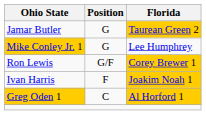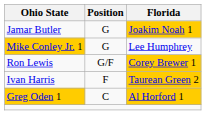 <table class="wikitable">
 <tr>
 <th>Ohio State</th>
 <th colspan="2">Position</th>
 <th>Florida</th>
 </tr>
 <tr>
 <td><a href='#'>Jamar Butler</a></td>
 <td colspan=2 style="text-align:center">G</td>
-<td style="background:#ffcc00"><a href='#'>Taurean Green</a> 2</td>
+<td style="background:#ffcc00"><a href='#'>Joakim Noah</a> 1</td>
 </tr>
 <tr>
 <td style="background:#ffcc00"><a href='#'>Mike Conley Jr.</a> 1</td>
 <td colspan=2 style="text-align:center">G</td>
 <td><a href='#'>Lee Humphrey</a></td>
 </tr>
 <tr>
 <td><a href='#'>Ron Lewis</a></td>
 <td colspan=2 style="text-align:center">G/F</td>
 <td style="background:#ffcc00"><a href='#'>Corey Brewer</a> 1</td>
 </tr>
 <tr>
 <td><a href='#'>Ivan Harris</a></td>
 <td colspan=2 style="text-align:center">F</td>
-<td style="background:#ffcc00"><a href='#'>Joakim Noah</a> 1</td>
+<td style="background:#ffcc00"><a href='#'>Taurean Green</a> 2</td>
 </tr>
 <tr>
 <td style="background:#ffcc00"><a href='#'>Greg Oden</a> 1</td>
 <td colspan=2 style="text-align:center">C</td>
 <td style="background:#ffcc00"><a href='#'>Al Horford</a> 1<br></td>
 </tr>
 <tr>
 <td colspan="5" align=center></td>
 </tr>
 </table>
